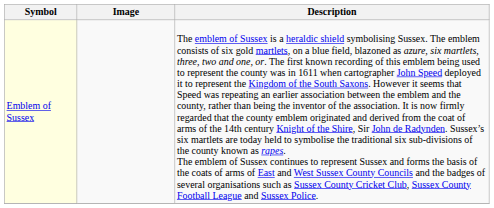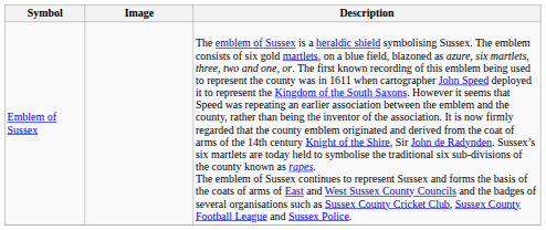 <table class="wikitable">
 <tr>
 <th width="110">Symbol</th>
 <th width="150">Image</th>
 <th width="500">Description</th>
 </tr>
 <tr>
-<td style="background: lightyellow;"><a href='#'>Emblem of Sussex</a></td>
+<td><a href='#'>Emblem of Sussex</a></td>
 <td></td>
 <td><br>The <a href='#'>emblem of Sussex</a> is a <a href='#'>heraldic shield</a> symbolising Sussex.  The emblem consists of six gold <a href='#'>martlets</a>, on a blue field, blazoned as <em>azure, six martlets, three, two and one, or</em>.  The first known recording of this emblem being used to represent the county was in 1611 when cartographer <a href='#'>John Speed</a> deployed it to represent the <a href='#'>Kingdom of the South Saxons</a>. However it seems that Speed was repeating an earlier association between the emblem and the county, rather than being the inventor of the association. It is now firmly regarded that the county emblem originated and derived from the coat of arms of the 14th century <a href='#'>Knight of the Shire</a>, Sir <a href='#'>John de Radynden</a>. Sussex’s six martlets are today held to symbolise the traditional six sub-divisions of the county known as <em><a href='#'>rapes</a></em>.<br>The emblem of Sussex continues to represent Sussex and forms the basis of the coats of arms of <a href='#'>East</a> and <a href='#'>West Sussex County Councils</a> and the badges of several organisations such as <a href='#'>Sussex County Cricket Club</a>, <a href='#'>Sussex County Football League</a> and <a href='#'>Sussex Police</a>.</td>
 </tr>
 <tr>
 </tr>
 </table>
